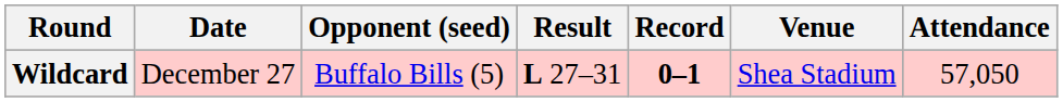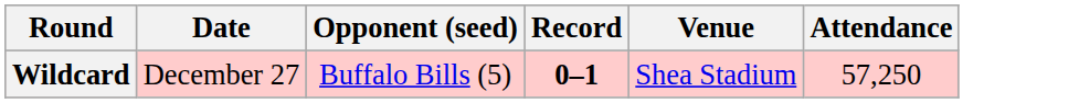 <table class="wikitable" style="text-align:center">
 <tr>
 <th>Round</th>
 <th>Date</th>
 <th>Opponent (seed)</th>
-<th>Result</th>
 <th>Record</th>
 <th>Venue</th>
 <th>Attendance</th>
 </tr>
 <tr style="background:#fcc">
 <th>Wildcard</th>
 <td>December 27</td>
 <td><a href='#'>Buffalo Bills</a> (5)</td>
-<td><strong>L</strong> 27–31</td>
 <td><strong>0–1</strong></td>
 <td><a href='#'>Shea Stadium</a></td>
-<td>57,050</td>
+<td>57,250</td>
 </tr>
 </table>
